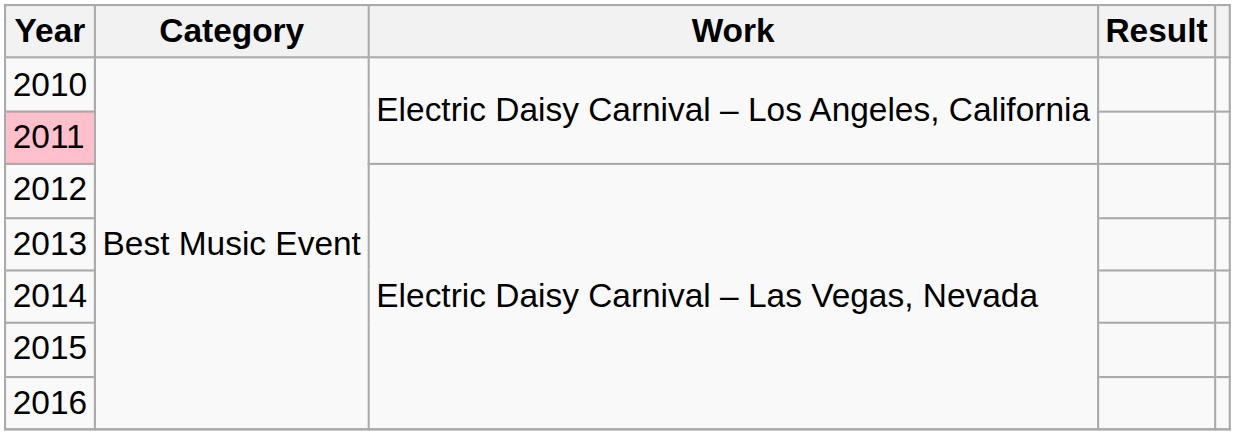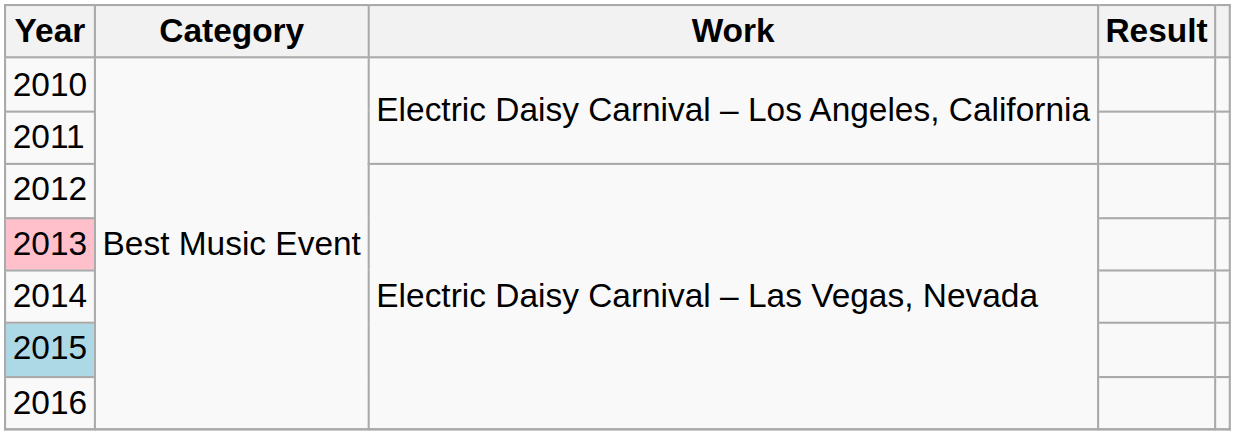 <table class="wikitable">
 <tr>
 <th>Year</th>
 <th>Category</th>
 <th>Work</th>
 <th>Result</th>
 <th></th>
 </tr>
 <tr>
 <td>2010</td>
 <td rowspan="7">Best Music Event</td>
 <td rowspan="2">Electric Daisy Carnival – Los Angeles, California</td>
 <td></td>
 <td></td>
 </tr>
 <tr>
-<td style="background: pink;">2011</td>
+<td>2011</td>
 <td></td>
 <td></td>
 </tr>
 <tr>
 <td>2012</td>
 <td rowspan="5">Electric Daisy Carnival – Las Vegas, Nevada</td>
 <td></td>
 <td></td>
 </tr>
 <tr>
-<td>2013</td>
+<td style="background: pink;">2013</td>
 <td></td>
 <td></td>
 </tr>
 <tr>
 <td>2014</td>
 <td></td>
 <td></td>
 </tr>
 <tr>
-<td>2015</td>
+<td style="background: lightblue;">2015</td>
 <td></td>
 <td></td>
 </tr>
 <tr>
 <td>2016</td>
 <td></td>
 <td></td>
 </tr>
 <tr>
 </tr>
 </table>
